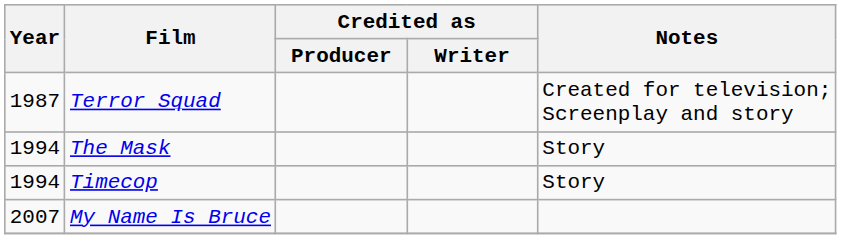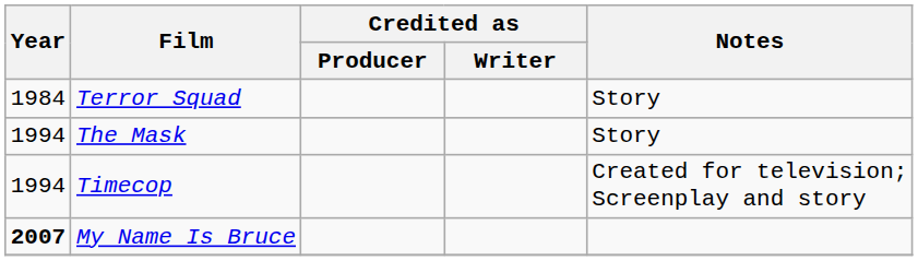 <table class="wikitable sortable">
 <tr>
 <th rowspan=2 style="width 33:px;">Year</th>
 <th rowspan=2>Film</th>
 <th colspan=2>Credited as</th>
 <th rowspan=2>Notes</th>
 </tr>
 <tr>
 <th width=75>Producer</th>
 <th width=75>Writer</th>
 </tr>
 <tr>
-<td>1987</td>
+<td>1984</td>
 <td><em><a href='#'>Terror Squad</a></em></td>
 <td></td>
 <td></td>
-<td>Created for television; <br> Screenplay and story</td>
+<td>Story</td>
 </tr>
 <tr>
 <td>1994</td>
 <td><em><a href='#'>The Mask</a></em></td>
 <td></td>
 <td></td>
 <td>Story</td>
 </tr>
 <tr>
 <td>1994</td>
 <td><em><a href='#'>Timecop</a></em></td>
 <td></td>
 <td></td>
-<td>Story</td>
+<td>Created for television; <br> Screenplay and story</td>
 </tr>
 <tr>
-<td>2007</td>
+<td><strong>2007</strong></td>
 <td><em><a href='#'>My Name Is Bruce</a></em></td>
 <td></td>
 <td></td>
 <td></td>
 </tr>
 <tr>
 </tr>
 </table>
